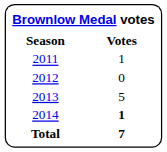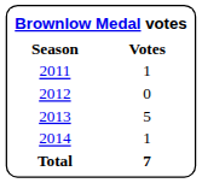 <table table style="margin-right: 4px; margin-top: 8px; float: right; border: 1px #000000 solid; border-radius: 8px; background: #FFFFFF; font-family: Verdana; font-size: 8pt; text-align: center;">
 <tr style="background:#FFFFFF;">
 <td colspan=2; style="padding: 3px; margin-bottom: -3px; margin-top: 2px; font-family: Arial; background:#FFFFFF;"><strong><a href='#'>Brownlow Medal</a> votes</strong></td>
 </tr>
 <tr>
 <th width=50%>Season</th>
 <th width=50%>Votes</th>
 </tr>
 <tr>
 <td><a href='#'>2011</a></td>
 <td>1</td>
 </tr>
 <tr>
 <td><a href='#'>2012</a></td>
 <td>0</td>
 </tr>
 <tr>
 <td><a href='#'>2013</a></td>
 <td>5</td>
 </tr>
 <tr>
 <td><a href='#'>2014</a></td>
-<td><strong>1</strong></td>
+<td>1</td>
 </tr>
 <tr>
 <td><strong>Total</strong></td>
 <td><strong>7</strong></td>
 </tr>
 <tr>
 </tr>
 </table>
